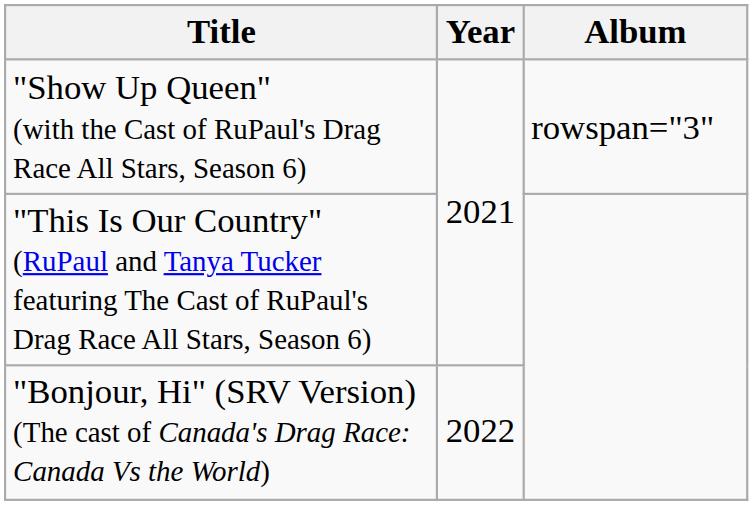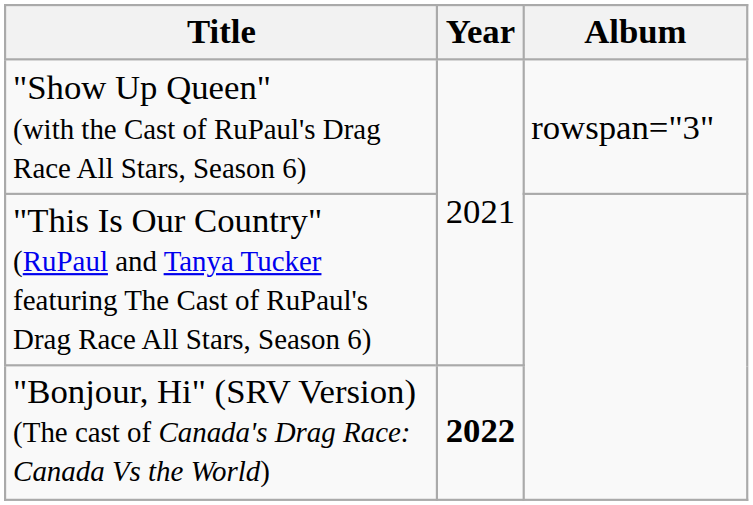 <table class="wikitable plainrowheaders sortable" style="text-align:left;">
 <tr>
 <th scope="col"  style="width:12em;">Title</th>
 <th scope="col"  style="width:2em;">Year</th>
 <th scope="col"  style="width:6em;">Album</th>
 </tr>
 <tr>
 <td>"Show Up Queen"<br><small>(with the Cast of RuPaul's Drag Race All Stars, Season 6)</small></td>
 <td rowspan="2">2021</td>
 <td>rowspan="3" </td>
 </tr>
 <tr>
 <td>"This Is Our Country"<br><small>(<a href='#'>RuPaul</a> and <a href='#'>Tanya Tucker</a> featuring The Cast of RuPaul's Drag Race All Stars, Season 6)</small></td>
 </tr>
 <tr>
 <td scope="row">"Bonjour, Hi" (SRV Version)<br><small>(The cast of <em>Canada's Drag Race: Canada Vs the World</em>)</small></td>
-<td>2022</td>
+<td><strong>2022</strong></td>
 </tr>
 </table>
